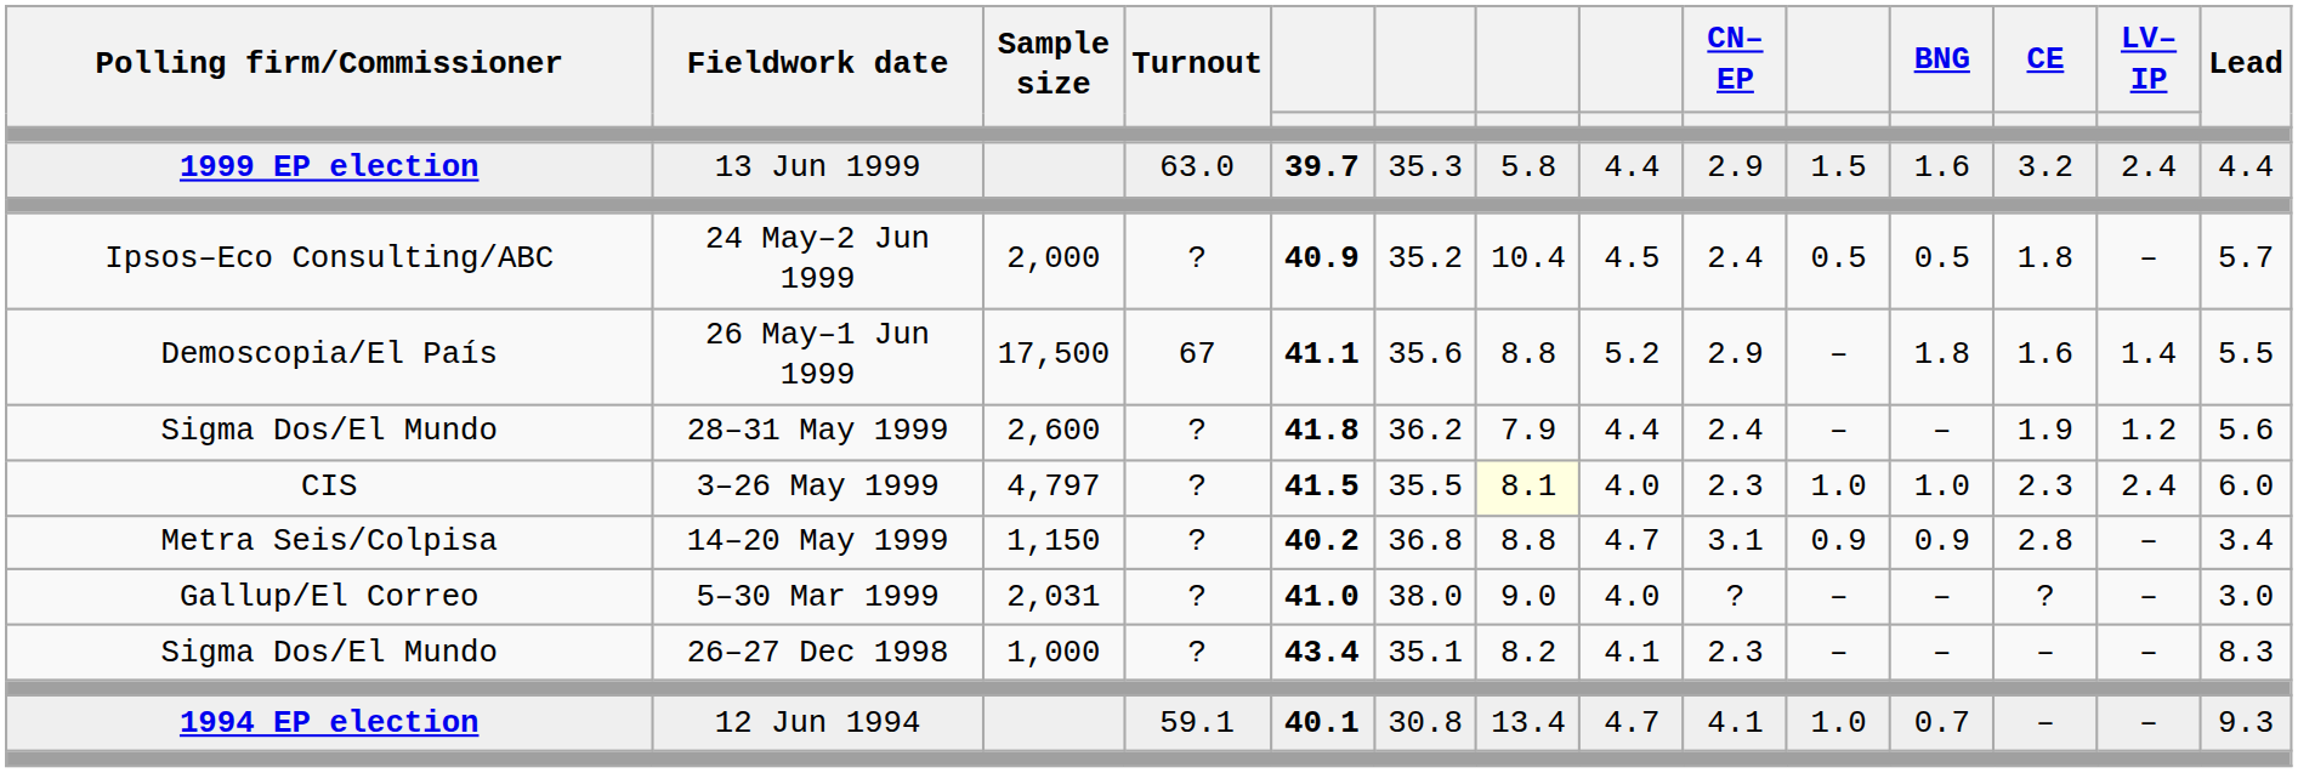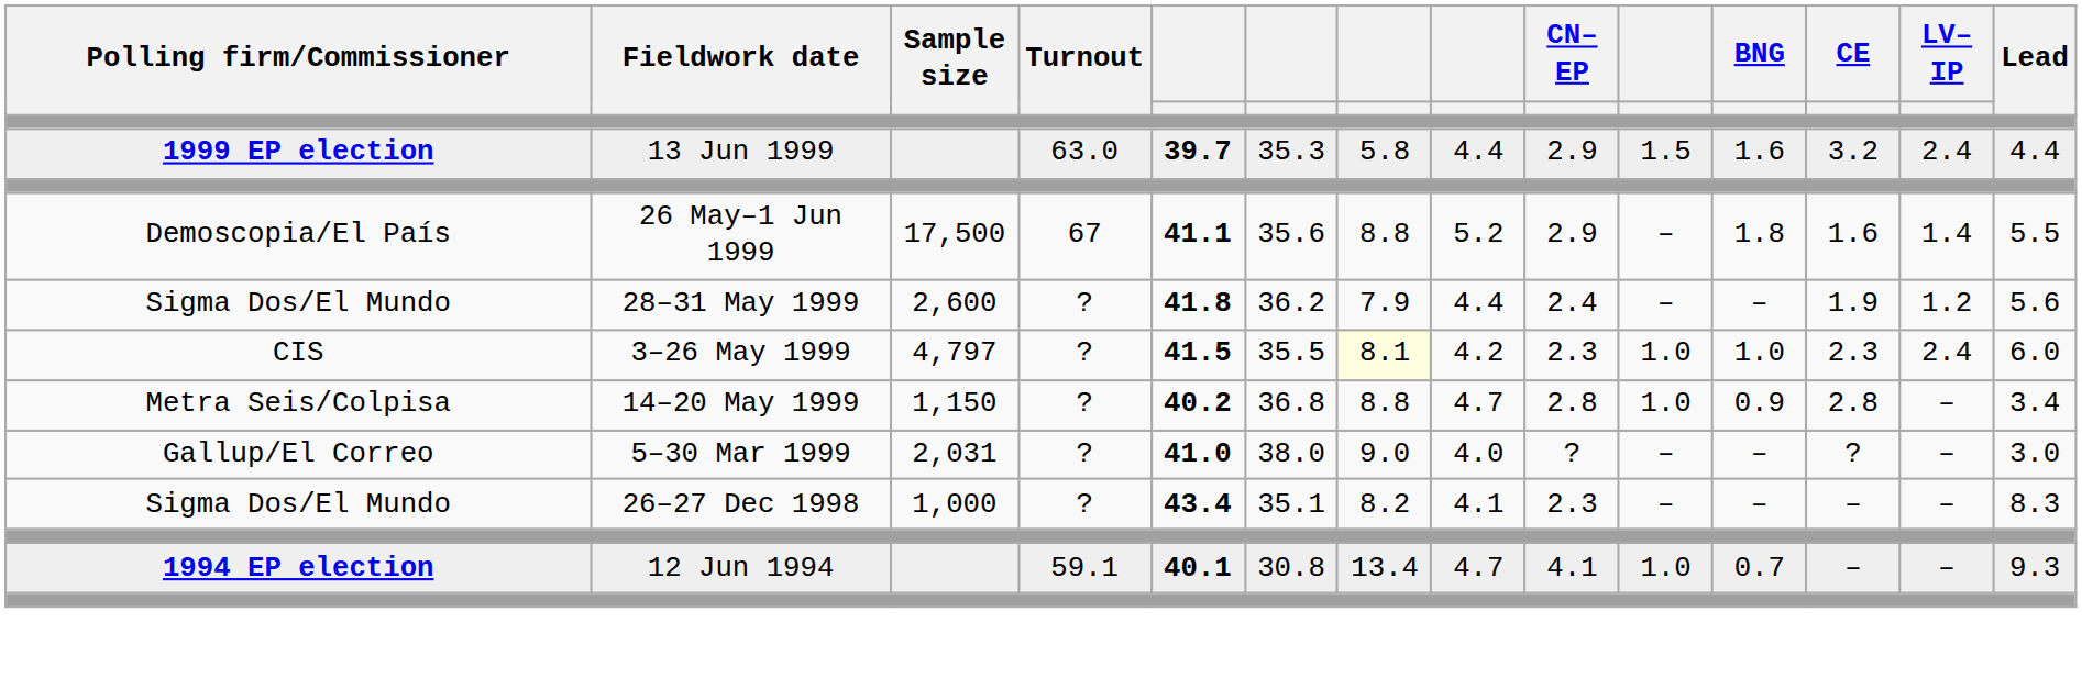 <table class="wikitable collapsible collapsed" style="text-align:center; font-size:95%; line-height:16px;">
 <tr style="height:42px;">
 <th style="width:250px;" rowspan="2">Polling firm/Commissioner</th>
 <th style="width:125px;" rowspan="2">Fieldwork date</th>
 <th style="width:50px;" rowspan="2">Sample size</th>
 <th style="width:45px;" rowspan="2">Turnout</th>
 <th style="width:35px;"></th>
 <th style="width:35px;"></th>
 <th style="width:35px;"></th>
 <th style="width:35px;"></th>
 <th style="width:35px;"><a href='#'>CN–EP</a></th>
 <th style="width:35px;"></th>
 <th style="width:35px;"><a href='#'>BNG</a></th>
 <th style="width:35px;"><a href='#'>CE</a></th>
 <th style="width:35px;"><a href='#'>LV–IP</a></th>
 <th style="width:30px;" rowspan="2">Lead</th>
 </tr>
 <tr>
 <th style="color:inherit;background:"></th>
 <th style="color:inherit;background:"></th>
 <th style="color:inherit;background:"></th>
 <th style="color:inherit;background:"></th>
 <th style="color:inherit;background:"></th>
 <th style="color:inherit;background:"></th>
 <th style="color:inherit;background:"></th>
 <th style="color:inherit;background:"></th>
 <th style="color:inherit;background:"></th>
 </tr>
 <tr>
 <td colspan="14" style="background:#A0A0A0"></td>
 </tr>
 <tr style="background:#EFEFEF;">
 <td><strong><a href='#'>1999 EP election</a></strong></td>
 <td>13 Jun 1999</td>
 <td></td>
 <td>63.0</td>
 <td><strong>39.7</strong><br></td>
 <td>35.3<br></td>
 <td>5.8<br></td>
 <td>4.4<br></td>
 <td>2.9<br></td>
 <td>1.5<br></td>
 <td>1.6<br></td>
 <td>3.2<br></td>
 <td>2.4<br></td>
 <td style="background:">4.4</td>
 </tr>
 <tr>
 <td colspan="14" style="background:#A0A0A0"></td>
 </tr>
 <tr>
-<td>Ipsos–Eco Consulting/ABC</td>
-<td>24 May–2 Jun 1999</td>
-<td>2,000</td>
-<td>?</td>
-<td><strong>40.9</strong><br></td>
-<td>35.2<br></td>
-<td>10.4<br></td>
-<td>4.5<br></td>
-<td>2.4<br></td>
-<td>0.5<br></td>
-<td>0.5<br></td>
-<td>1.8<br></td>
-<td>–</td>
-<td style="background:">5.7</td>
-</tr>
-<tr>
 <td>Demoscopia/El País</td>
 <td>26 May–1 Jun 1999</td>
 <td>17,500</td>
 <td>67</td>
 <td><strong>41.1</strong><br></td>
 <td>35.6<br></td>
 <td>8.8<br></td>
 <td>5.2<br></td>
 <td>2.9<br></td>
 <td>–</td>
 <td>1.8<br></td>
 <td>1.6<br></td>
 <td>1.4<br></td>
 <td style="background:">5.5</td>
 </tr>
 <tr>
 <td>Sigma Dos/El Mundo</td>
 <td>28–31 May 1999</td>
 <td>2,600</td>
 <td>?</td>
 <td><strong>41.8</strong><br></td>
 <td>36.2<br></td>
 <td>7.9<br></td>
 <td>4.4<br></td>
 <td>2.4<br></td>
 <td>–</td>
 <td>–</td>
 <td>1.9<br></td>
 <td>1.2<br></td>
 <td style="background:">5.6</td>
 </tr>
 <tr>
 <td>CIS</td>
 <td>3–26 May 1999</td>
 <td>4,797</td>
 <td>?</td>
 <td><strong>41.5</strong><br></td>
 <td>35.5<br></td>
 <td style="background: lightyellow;">8.1<br></td>
-<td>4.0<br></td>
+<td>4.2<br></td>
 <td>2.3<br></td>
 <td>1.0<br></td>
 <td>1.0<br></td>
 <td>2.3<br></td>
 <td>2.4<br></td>
 <td style="background:">6.0</td>
 </tr>
 <tr>
 <td>Metra Seis/Colpisa</td>
 <td>14–20 May 1999</td>
 <td>1,150</td>
 <td>?</td>
 <td><strong>40.2</strong><br></td>
 <td>36.8<br></td>
 <td>8.8<br></td>
 <td>4.7<br></td>
-<td>3.1<br></td>
-<td>0.9<br></td>
+<td>2.8<br></td>
+<td>1.0<br></td>
 <td>0.9<br></td>
 <td>2.8<br></td>
 <td>–</td>
 <td style="background:">3.4</td>
 </tr>
 <tr>
 <td>Gallup/El Correo</td>
 <td>5–30 Mar 1999</td>
 <td>2,031</td>
 <td>?</td>
 <td><strong>41.0</strong><br></td>
 <td>38.0<br></td>
 <td>9.0<br></td>
 <td>4.0<br></td>
 <td>?<br></td>
 <td>–</td>
 <td>–</td>
 <td>?<br></td>
 <td>–</td>
 <td style="background:">3.0</td>
 </tr>
 <tr>
 <td>Sigma Dos/El Mundo</td>
 <td>26–27 Dec 1998</td>
 <td>1,000</td>
 <td>?</td>
 <td><strong>43.4</strong><br></td>
 <td>35.1<br></td>
 <td>8.2<br></td>
 <td>4.1<br></td>
 <td>2.3<br></td>
 <td>–</td>
 <td>–</td>
 <td>–</td>
 <td>–</td>
 <td style="background:">8.3</td>
 </tr>
 <tr>
 <td colspan="14" style="background:#A0A0A0"></td>
 </tr>
 <tr style="background:#EFEFEF;">
 <td><strong><a href='#'>1994 EP election</a></strong></td>
 <td>12 Jun 1994</td>
 <td></td>
 <td>59.1</td>
 <td><strong>40.1</strong><br></td>
 <td>30.8<br></td>
 <td>13.4<br></td>
 <td>4.7<br></td>
 <td>4.1<br></td>
 <td>1.0<br></td>
 <td>0.7<br></td>
 <td>–</td>
 <td>–</td>
 <td style="background:">9.3</td>
 </tr>
 <tr>
 <td colspan="14" style="background:#A0A0A0"></td>
 </tr>
 </table>
